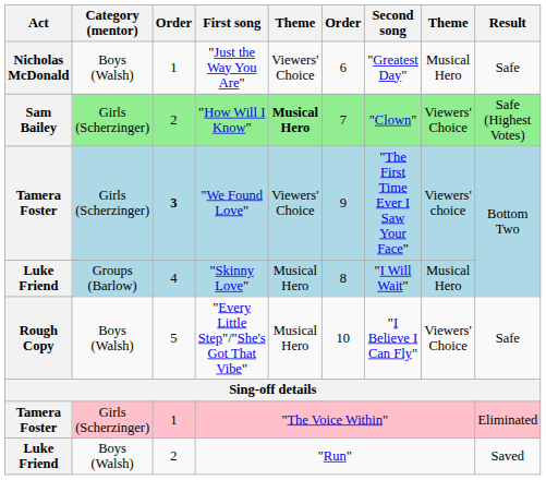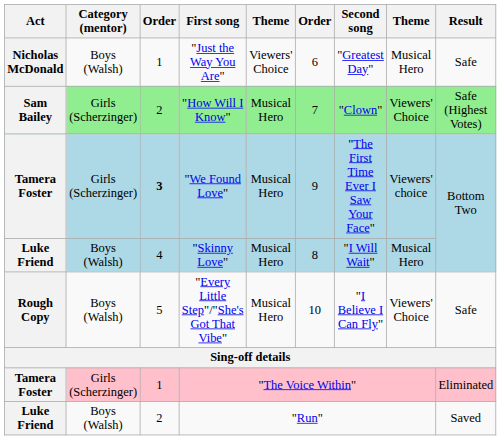 <table class="wikitable plainrowheaders" style="text-align:center;">
 <tr>
 <th scope="col">Act</th>
 <th scope="col">Category (mentor)</th>
 <th scope="col">Order</th>
 <th scope="col">First song</th>
 <th scope="col">Theme</th>
 <th scope="col">Order</th>
 <th scope="col">Second song</th>
 <th scope="col">Theme</th>
 <th scope="col">Result</th>
 </tr>
 <tr>
 <th scope="row">Nicholas McDonald</th>
 <td>Boys (Walsh)</td>
 <td>1</td>
 <td>"<a href='#'>Just the Way You Are</a>"</td>
 <td>Viewers' Choice</td>
 <td>6</td>
 <td>"<a href='#'>Greatest Day</a>"</td>
 <td>Musical Hero</td>
 <td>Safe</td>
 </tr>
 <tr style="background:lightgreen;">
 <th scope="row">Sam Bailey</th>
 <td>Girls (Scherzinger)</td>
 <td>2</td>
 <td>"<a href='#'>How Will I Know</a>"</td>
-<td><strong>Musical Hero</strong></td>
+<td>Musical Hero</td>
 <td>7</td>
 <td>"<a href='#'>Clown</a>"</td>
 <td>Viewers' Choice</td>
 <td>Safe (Highest Votes)</td>
 </tr>
 <tr style="background:lightblue;">
 <th scope="row">Tamera Foster</th>
 <td>Girls (Scherzinger)</td>
 <td><strong>3</strong></td>
 <td>"<a href='#'>We Found Love</a>"</td>
-<td>Viewers' Choice</td>
+<td>Musical Hero</td>
 <td>9</td>
 <td>"<a href='#'>The First Time Ever I Saw Your Face</a>"</td>
 <td>Viewers' choice</td>
 <td rowspan=2>Bottom Two</td>
 </tr>
 <tr style="background:lightblue;">
 <th scope="row">Luke Friend</th>
-<td>Groups (Barlow)</td>
+<td>Boys (Walsh)</td>
 <td>4</td>
 <td>"<a href='#'>Skinny Love</a>"</td>
 <td>Musical Hero</td>
 <td>8</td>
 <td>"<a href='#'>I Will Wait</a>"</td>
 <td>Musical Hero</td>
 </tr>
 <tr>
 <th scope="row">Rough Copy</th>
 <td>Boys (Walsh)</td>
 <td>5</td>
 <td>"<a href='#'>Every Little Step</a>"/"<a href='#'>She's Got That Vibe</a>"</td>
 <td>Musical Hero</td>
 <td>10</td>
 <td>"<a href='#'>I Believe I Can Fly</a>"</td>
 <td>Viewers' Choice</td>
 <td>Safe</td>
 </tr>
 <tr>
 <th colspan="9">Sing-off details</th>
 </tr>
 <tr style="background:pink;">
 <th scope="row">Tamera Foster</th>
 <td>Girls (Scherzinger)</td>
 <td>1</td>
 <td colspan="5">"<a href='#'>The Voice Within</a>"</td>
 <td>Eliminated</td>
 </tr>
 <tr>
 <th scope="row">Luke Friend</th>
 <td>Boys (Walsh)</td>
 <td>2</td>
 <td colspan="5">"<a href='#'>Run</a>"</td>
 <td>Saved</td>
 </tr>
 </table>
